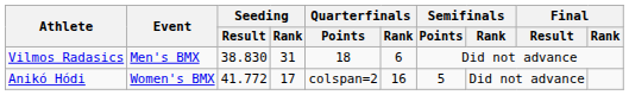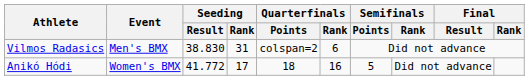 <table class=wikitable style="font-size:90%">
 <tr>
 <th rowspan="2">Athlete</th>
 <th rowspan="2">Event</th>
 <th colspan="2">Seeding</th>
 <th colspan="2">Quarterfinals</th>
 <th colspan="2">Semifinals</th>
 <th colspan="2">Final</th>
 </tr>
 <tr style="font-size:95%">
 <th>Result</th>
 <th>Rank</th>
 <th>Points</th>
 <th>Rank</th>
 <th>Points</th>
 <th>Rank</th>
 <th>Result</th>
 <th>Rank</th>
 </tr>
 <tr align=center>
 <td align=left><a href='#'>Vilmos Radasics</a></td>
 <td align=left><a href='#'>Men's BMX</a></td>
 <td>38.830</td>
 <td>31</td>
-<td>18</td>
+<td>colspan=2 </td>
 <td>6</td>
 <td colspan=4>Did not advance</td>
 </tr>
 <tr align=center>
 <td align=left><a href='#'>Anikó Hódi</a></td>
 <td align=left><a href='#'>Women's BMX</a></td>
 <td>41.772</td>
 <td>17</td>
-<td>colspan=2 </td>
+<td>18</td>
 <td>16</td>
 <td>5</td>
 <td colspan=2>Did not advance</td>
 </tr>
 </table>
